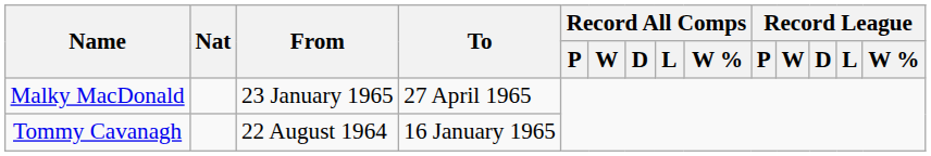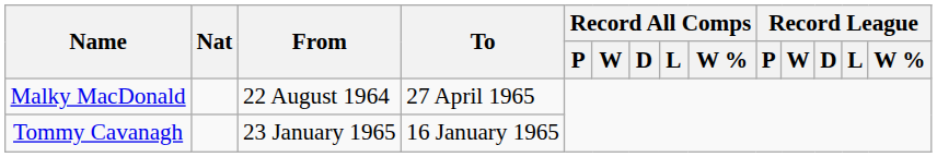 <table class="wikitable" style="text-align: center">
 <tr>
 <th rowspan="2">Name</th>
 <th rowspan="2">Nat</th>
 <th rowspan="2">From</th>
 <th rowspan="2">To</th>
 <th colspan="5">Record All Comps</th>
 <th colspan="5">Record League</th>
 </tr>
 <tr>
 <th>P</th>
 <th>W</th>
 <th>D</th>
 <th>L</th>
 <th>W %</th>
 <th>P</th>
 <th>W</th>
 <th>D</th>
 <th>L</th>
 <th>W %</th>
 </tr>
 <tr>
 <td style="text-align:left;"><a href='#'>Malky MacDonald</a></td>
 <td></td>
-<td style="text-align:left;">23 January 1965</td>
+<td style="text-align:left;">22 August 1964</td>
 <td style="text-align:left;">27 April 1965<br> </td>
 </tr>
 <tr>
 <td><a href='#'>Tommy Cavanagh</a></td>
 <td></td>
-<td style="text-align:left;">22 August 1964</td>
+<td style="text-align:left;">23 January 1965</td>
 <td style="text-align:left;">16 January 1965<br> </td>
 </tr>
 </table>
